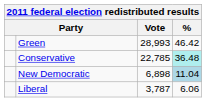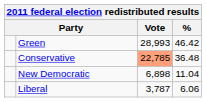 <table class="wikitable">
 <tr>
 <th colspan="4"><a href='#'>2011 federal election</a> redistributed results</th>
 </tr>
 <tr>
 <th bgcolor="#DDDDFF" width="130px" colspan="2">Party</th>
 <th bgcolor="#DDDDFF" width="50px">Vote</th>
 <th bgcolor="#DDDDFF" width="30px">%</th>
 </tr>
 <tr>
 <td> </td>
 <td><a href='#'>Green</a></td>
 <td align="right">28,993</td>
 <td align="right">46.42</td>
 </tr>
 <tr>
 <td> </td>
 <td><a href='#'>Conservative</a></td>
-<td align="right">22,785</td>
-<td align="right" style="background: paleturquoise;">36.48</td>
+<td align="right" style="background: lightsalmon;">22,785</td>
+<td align="right">36.48</td>
 </tr>
 <tr>
 <td> </td>
 <td><a href='#'>New Democratic</a></td>
 <td align="right">6,898</td>
-<td align="right" style="background: lightblue;">11.04</td>
+<td align="right">11.04</td>
 </tr>
 <tr>
 <td> </td>
 <td><a href='#'>Liberal</a></td>
 <td align="right">3,787</td>
 <td align="right">6.06</td>
 </tr>
 </table>
